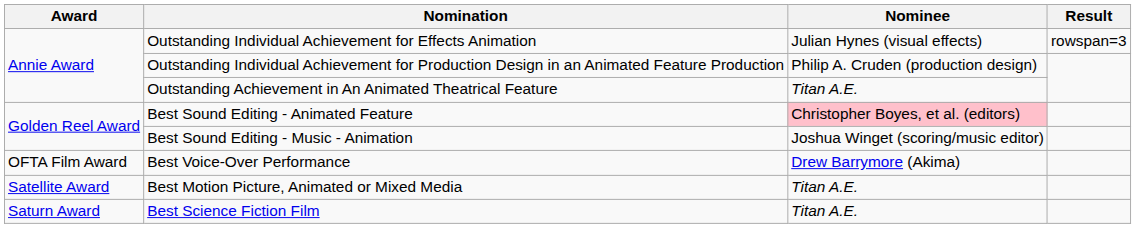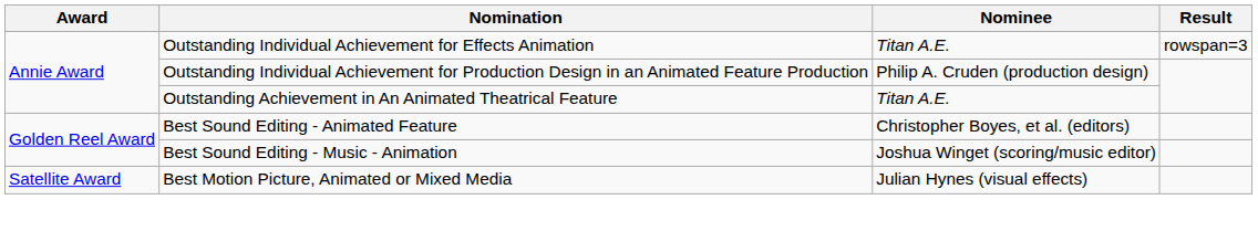 <table class="wikitable" width:100%;">
 <tr>
 <th>Award</th>
 <th>Nomination</th>
 <th>Nominee</th>
 <th>Result</th>
 </tr>
 <tr>
 <td rowspan=3><a href='#'>Annie Award</a></td>
 <td>Outstanding Individual Achievement for Effects Animation</td>
-<td>Julian Hynes (visual effects)</td>
+<td><em>Titan A.E.</em></td>
 <td>rowspan=3  </td>
 </tr>
 <tr>
 <td>Outstanding Individual Achievement for Production Design in an Animated Feature Production</td>
 <td>Philip A. Cruden (production design)</td>
 </tr>
 <tr>
 <td>Outstanding Achievement in An Animated Theatrical Feature</td>
 <td><em>Titan A.E.</em></td>
 </tr>
 <tr>
 <td rowspan=2><a href='#'>Golden Reel Award</a></td>
 <td>Best Sound Editing - Animated Feature</td>
-<td style="background: pink;">Christopher Boyes, et al. (editors)</td>
+<td>Christopher Boyes, et al. (editors)</td>
 <td></td>
 </tr>
 <tr>
 <td>Best Sound Editing - Music - Animation</td>
 <td>Joshua Winget (scoring/music editor)</td>
 <td></td>
 </tr>
 <tr>
-<td>OFTA Film Award</td>
-<td>Best Voice-Over Performance</td>
-<td><a href='#'>Drew Barrymore</a> (Akima)</td>
-<td></td>
-</tr>
-<tr>
 <td><a href='#'>Satellite Award</a></td>
 <td>Best Motion Picture, Animated or Mixed Media</td>
-<td><em>Titan A.E.</em></td>
-<td></td>
-</tr>
-<tr>
-<td><a href='#'>Saturn Award</a></td>
-<td><a href='#'>Best Science Fiction Film</a></td>
-<td><em>Titan A.E.</em></td>
+<td>Julian Hynes (visual effects)</td>
 <td></td>
 </tr>
 </table>
